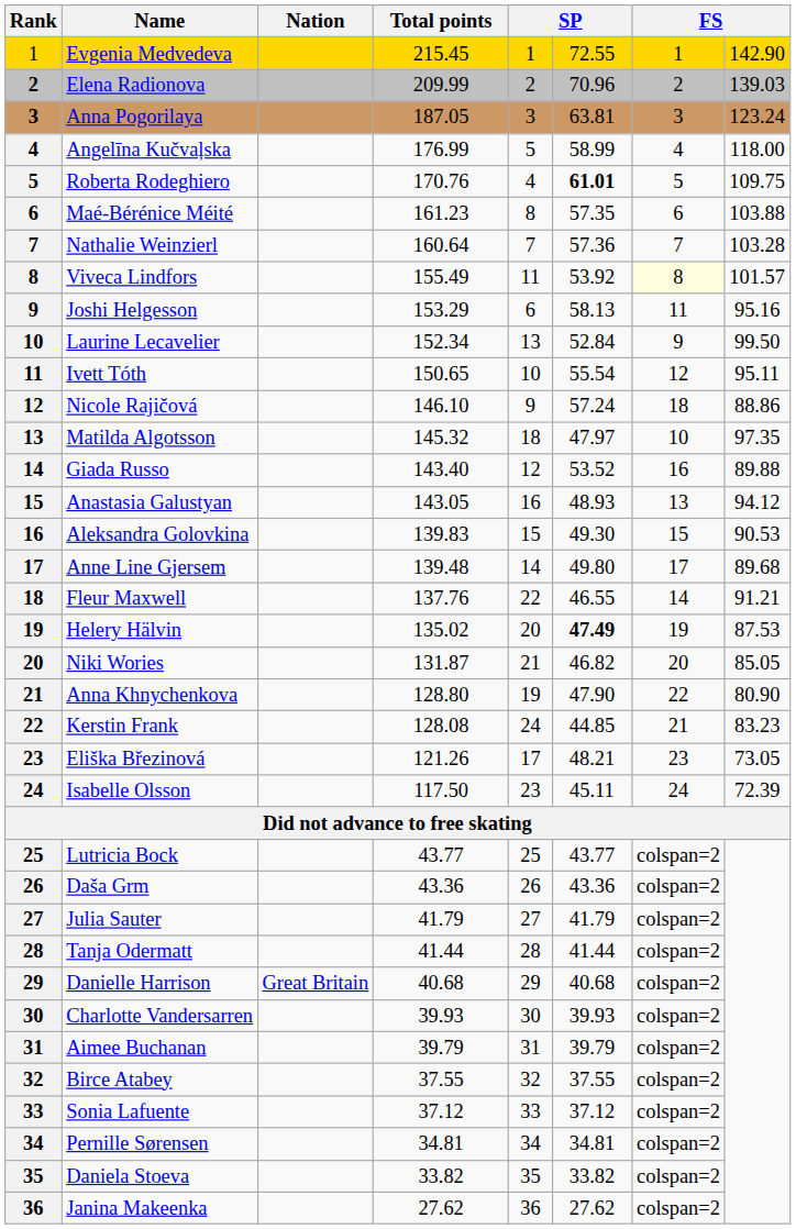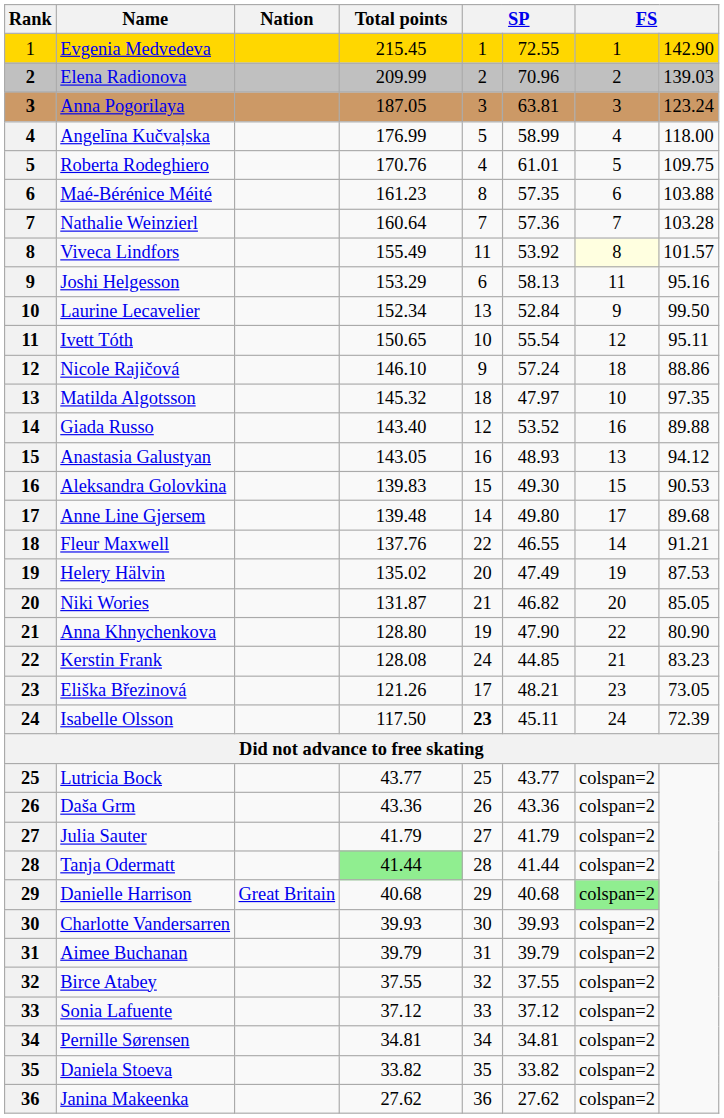 <table class="wikitable sortable">
 <tr>
 <th>Rank</th>
 <th>Name</th>
 <th>Nation</th>
 <th width="100px">Total points</th>
 <th colspan="2" width="90px"><a href='#'>SP</a></th>
 <th colspan="2" width="90px"><a href='#'>FS</a></th>
 </tr>
 <tr bgcolor="gold">
 <td align="center" bgcolor="gold">1</td>
 <td><a href='#'>Evgenia Medvedeva</a></td>
 <td></td>
 <td align="center">215.45</td>
 <td align="center">1</td>
 <td align="center">72.55</td>
 <td align="center">1</td>
 <td align="center">142.90</td>
 </tr>
 <tr bgcolor="silver">
 <td align="center" bgcolor="silver"><strong>2</strong></td>
 <td><a href='#'>Elena Radionova</a></td>
 <td></td>
 <td align="center">209.99</td>
 <td align="center">2</td>
 <td align="center">70.96</td>
 <td align="center">2</td>
 <td align="center">139.03</td>
 </tr>
 <tr bgcolor="#cc9966">
 <td align="center" bgcolor="#cc9966"><strong>3</strong></td>
 <td><a href='#'>Anna Pogorilaya</a></td>
 <td></td>
 <td align="center">187.05</td>
 <td align="center">3</td>
 <td align="center">63.81</td>
 <td align="center">3</td>
 <td align="center">123.24</td>
 </tr>
 <tr>
 <th>4</th>
 <td><a href='#'>Angelīna Kučvaļska</a></td>
 <td></td>
 <td align="center">176.99</td>
 <td align="center">5</td>
 <td align="center">58.99</td>
 <td align="center">4</td>
 <td align="center">118.00</td>
 </tr>
 <tr>
 <th>5</th>
 <td><a href='#'>Roberta Rodeghiero</a></td>
 <td></td>
 <td align="center">170.76</td>
 <td align="center">4</td>
-<td align="center"><strong>61.01</strong></td>
+<td align="center">61.01</td>
 <td align="center">5</td>
 <td align="center">109.75</td>
 </tr>
 <tr>
 <th>6</th>
 <td><a href='#'>Maé-Bérénice Méité</a></td>
 <td></td>
 <td align="center">161.23</td>
 <td align="center">8</td>
 <td align="center">57.35</td>
 <td align="center">6</td>
 <td align="center">103.88</td>
 </tr>
 <tr>
 <th>7</th>
 <td><a href='#'>Nathalie Weinzierl</a></td>
 <td></td>
 <td align="center">160.64</td>
 <td align="center">7</td>
 <td align="center">57.36</td>
 <td align="center">7</td>
 <td align="center">103.28</td>
 </tr>
 <tr>
 <th>8</th>
 <td><a href='#'>Viveca Lindfors</a></td>
 <td></td>
 <td align="center">155.49</td>
 <td align="center">11</td>
 <td align="center">53.92</td>
 <td align="center" style="background: lightyellow;">8</td>
 <td align="center">101.57</td>
 </tr>
 <tr>
 <th>9</th>
 <td><a href='#'>Joshi Helgesson</a></td>
 <td></td>
 <td align="center">153.29</td>
 <td align="center">6</td>
 <td align="center">58.13</td>
 <td align="center">11</td>
 <td align="center">95.16</td>
 </tr>
 <tr>
 <th>10</th>
 <td><a href='#'>Laurine Lecavelier</a></td>
 <td></td>
 <td align="center">152.34</td>
 <td align="center">13</td>
 <td align="center">52.84</td>
 <td align="center">9</td>
 <td align="center">99.50</td>
 </tr>
 <tr>
 <th>11</th>
 <td><a href='#'>Ivett Tóth</a></td>
 <td></td>
 <td align="center">150.65</td>
 <td align="center">10</td>
 <td align="center">55.54</td>
 <td align="center">12</td>
 <td align="center">95.11</td>
 </tr>
 <tr>
 <th>12</th>
 <td><a href='#'>Nicole Rajičová</a></td>
 <td></td>
 <td align="center">146.10</td>
 <td align="center">9</td>
 <td align="center">57.24</td>
 <td align="center">18</td>
 <td align="center">88.86</td>
 </tr>
 <tr>
 <th>13</th>
 <td><a href='#'>Matilda Algotsson</a></td>
 <td></td>
 <td align="center">145.32</td>
 <td align="center">18</td>
 <td align="center">47.97</td>
 <td align="center">10</td>
 <td align="center">97.35</td>
 </tr>
 <tr>
 <th>14</th>
 <td><a href='#'>Giada Russo</a></td>
 <td></td>
 <td align="center">143.40</td>
 <td align="center">12</td>
 <td align="center">53.52</td>
 <td align="center">16</td>
 <td align="center">89.88</td>
 </tr>
 <tr>
 <th>15</th>
 <td><a href='#'>Anastasia Galustyan</a></td>
 <td></td>
 <td align="center">143.05</td>
 <td align="center">16</td>
 <td align="center">48.93</td>
 <td align="center">13</td>
 <td align="center">94.12</td>
 </tr>
 <tr>
 <th>16</th>
 <td><a href='#'>Aleksandra Golovkina</a></td>
 <td></td>
 <td align="center">139.83</td>
 <td align="center">15</td>
 <td align="center">49.30</td>
 <td align="center">15</td>
 <td align="center">90.53</td>
 </tr>
 <tr>
 <th>17</th>
 <td><a href='#'>Anne Line Gjersem</a></td>
 <td></td>
 <td align="center">139.48</td>
 <td align="center">14</td>
 <td align="center">49.80</td>
 <td align="center">17</td>
 <td align="center">89.68</td>
 </tr>
 <tr>
 <th>18</th>
 <td><a href='#'>Fleur Maxwell</a></td>
 <td></td>
 <td align="center">137.76</td>
 <td align="center">22</td>
 <td align="center">46.55</td>
 <td align="center">14</td>
 <td align="center">91.21</td>
 </tr>
 <tr>
 <th>19</th>
 <td><a href='#'>Helery Hälvin</a></td>
 <td></td>
 <td align="center">135.02</td>
 <td align="center">20</td>
-<td align="center"><strong>47.49</strong></td>
+<td align="center">47.49</td>
 <td align="center">19</td>
 <td align="center">87.53</td>
 </tr>
 <tr>
 <th>20</th>
 <td><a href='#'>Niki Wories</a></td>
 <td></td>
 <td align="center">131.87</td>
 <td align="center">21</td>
 <td align="center">46.82</td>
 <td align="center">20</td>
 <td align="center">85.05</td>
 </tr>
 <tr>
 <th>21</th>
 <td><a href='#'>Anna Khnychenkova</a></td>
 <td></td>
 <td align="center">128.80</td>
 <td align="center">19</td>
 <td align="center">47.90</td>
 <td align="center">22</td>
 <td align="center">80.90</td>
 </tr>
 <tr>
 <th>22</th>
 <td><a href='#'>Kerstin Frank</a></td>
 <td></td>
 <td align="center">128.08</td>
 <td align="center">24</td>
 <td align="center">44.85</td>
 <td align="center">21</td>
 <td align="center">83.23</td>
 </tr>
 <tr>
 <th>23</th>
 <td><a href='#'>Eliška Březinová</a></td>
 <td></td>
 <td align="center">121.26</td>
 <td align="center">17</td>
 <td align="center">48.21</td>
 <td align="center">23</td>
 <td align="center">73.05</td>
 </tr>
 <tr>
 <th>24</th>
 <td><a href='#'>Isabelle Olsson</a></td>
 <td></td>
 <td align="center">117.50</td>
-<td align="center">23</td>
+<td align="center"><strong>23</strong></td>
 <td align="center">45.11</td>
 <td align="center">24</td>
 <td align="center">72.39</td>
 </tr>
 <tr>
 <th colspan="8">Did not advance to free skating</th>
 </tr>
 <tr>
 <th>25</th>
 <td><a href='#'>Lutricia Bock</a></td>
 <td></td>
 <td align="center">43.77</td>
 <td align="center">25</td>
 <td align="center">43.77</td>
 <td>colspan=2 </td>
 </tr>
 <tr>
 <th>26</th>
 <td><a href='#'>Daša Grm</a></td>
 <td></td>
 <td align="center">43.36</td>
 <td align="center">26</td>
 <td align="center">43.36</td>
 <td>colspan=2 </td>
 </tr>
 <tr>
 <th>27</th>
 <td><a href='#'>Julia Sauter</a></td>
 <td></td>
 <td align="center">41.79</td>
 <td align="center">27</td>
 <td align="center">41.79</td>
 <td>colspan=2 </td>
 </tr>
 <tr>
 <th>28</th>
 <td><a href='#'>Tanja Odermatt</a></td>
 <td></td>
-<td align="center">41.44</td>
+<td align="center" style="background: lightgreen;">41.44</td>
 <td align="center">28</td>
 <td align="center">41.44</td>
 <td>colspan=2 </td>
 </tr>
 <tr>
 <th>29</th>
 <td><a href='#'>Danielle Harrison</a></td>
 <td> <a href='#'>Great Britain</a></td>
 <td align="center">40.68</td>
 <td align="center">29</td>
 <td align="center">40.68</td>
-<td>colspan=2 </td>
+<td style="background: lightgreen;">colspan=2 </td>
 </tr>
 <tr>
 <th>30</th>
 <td><a href='#'>Charlotte Vandersarren</a></td>
 <td></td>
 <td align="center">39.93</td>
 <td align="center">30</td>
 <td align="center">39.93</td>
 <td>colspan=2 </td>
 </tr>
 <tr>
 <th>31</th>
 <td><a href='#'>Aimee Buchanan</a></td>
 <td></td>
 <td align="center">39.79</td>
 <td align="center">31</td>
 <td align="center">39.79</td>
 <td>colspan=2 </td>
 </tr>
 <tr>
 <th>32</th>
 <td><a href='#'>Birce Atabey</a></td>
 <td></td>
 <td align="center">37.55</td>
 <td align="center">32</td>
 <td align="center">37.55</td>
 <td>colspan=2 </td>
 </tr>
 <tr>
 <th>33</th>
 <td><a href='#'>Sonia Lafuente</a></td>
 <td></td>
 <td align="center">37.12</td>
 <td align="center">33</td>
 <td align="center">37.12</td>
 <td>colspan=2 </td>
 </tr>
 <tr>
 <th>34</th>
 <td><a href='#'>Pernille Sørensen</a></td>
 <td></td>
 <td align="center">34.81</td>
 <td align="center">34</td>
 <td align="center">34.81</td>
 <td>colspan=2 </td>
 </tr>
 <tr>
 <th>35</th>
 <td><a href='#'>Daniela Stoeva</a></td>
 <td></td>
 <td align="center">33.82</td>
 <td align="center">35</td>
 <td align="center">33.82</td>
 <td>colspan=2 </td>
 </tr>
 <tr>
 <th>36</th>
 <td><a href='#'>Janina Makeenka</a></td>
 <td></td>
 <td align="center">27.62</td>
 <td align="center">36</td>
 <td align="center">27.62</td>
 <td>colspan=2 </td>
 </tr>
 </table>
